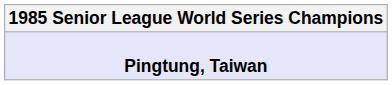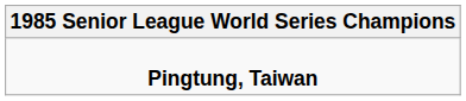 <table class="wikitable" style="text-align: center; margin: 0 auto;">
 <tr>
 <th>1985 Senior League World Series Champions</th>
 </tr>
 <tr>
-<td style="background: lavender;"><br><strong>Pingtung, Taiwan</strong></td>
+<td><br><strong>Pingtung, Taiwan</strong></td>
 </tr>
 </table>
